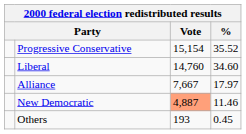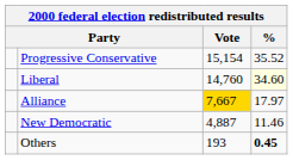 <table class="wikitable">
 <tr>
 <th colspan="4"><a href='#'>2000 federal election</a> redistributed results</th>
 </tr>
 <tr>
 <th bgcolor="#DDDDFF" width="230px" colspan="2">Party</th>
 <th bgcolor="#DDDDFF" width="50px">Vote</th>
 <th bgcolor="#DDDDFF" width="30px">%</th>
 </tr>
 <tr>
 <td> </td>
 <td><a href='#'>Progressive Conservative</a></td>
 <td>15,154</td>
 <td>35.52</td>
 </tr>
 <tr>
 <td> </td>
 <td><a href='#'>Liberal</a></td>
 <td>14,760</td>
-<td>34.60</td>
+<td style="background: lightyellow;">34.60</td>
 </tr>
 <tr>
 <td> </td>
 <td><a href='#'>Alliance</a></td>
-<td>7,667</td>
+<td style="background: gold;">7,667</td>
 <td>17.97</td>
 </tr>
 <tr>
 <td> </td>
 <td><a href='#'>New Democratic</a></td>
-<td style="background: lightsalmon;">4,887</td>
+<td>4,887</td>
 <td>11.46</td>
 </tr>
 <tr>
 <td> </td>
 <td>Others</td>
 <td>193</td>
-<td>0.45</td>
+<td><strong>0.45</strong></td>
 </tr>
 </table>
